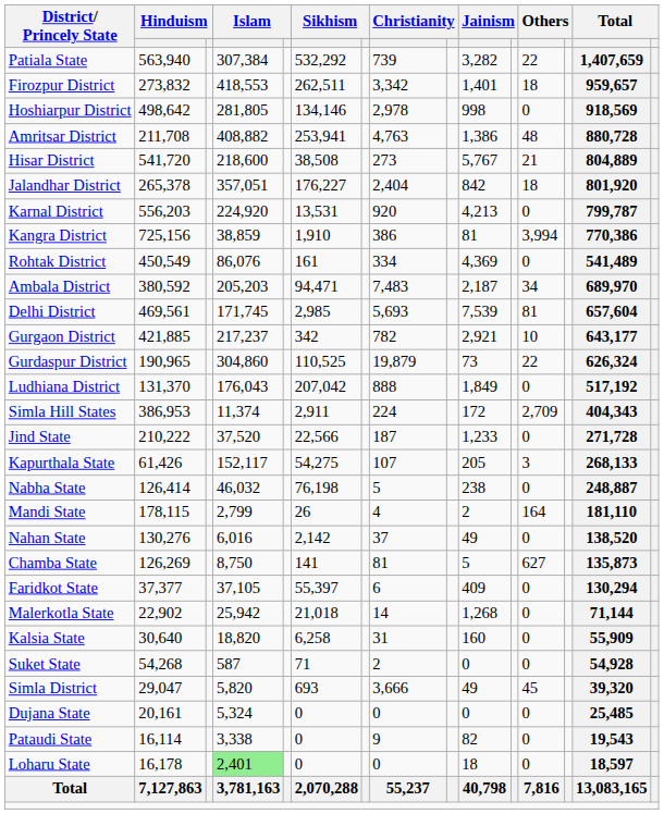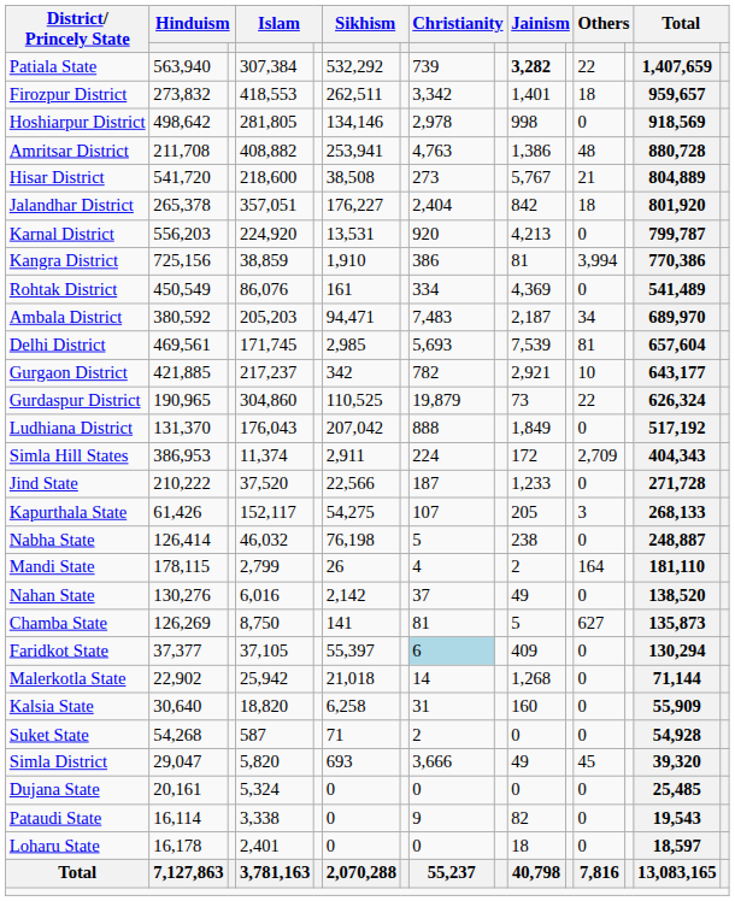 <table class="wikitable sortable mw-collapsible">
 <tr>
 <th rowspan="2"><a href='#'>District</a>/<br><a href='#'>Princely State</a></th>
 <th colspan="2"><a href='#'>Hinduism</a> </th>
 <th colspan="2"><a href='#'>Islam</a> </th>
 <th colspan="2"><a href='#'>Sikhism</a> </th>
 <th colspan="2"><a href='#'>Christianity</a> </th>
 <th colspan="2"><a href='#'>Jainism</a> </th>
 <th colspan="2">Others</th>
 <th colspan="2">Total</th>
 </tr>
 <tr>
 <th><a href='#'></a></th>
 <th></th>
 <th></th>
 <th></th>
 <th></th>
 <th></th>
 <th></th>
 <th></th>
 <th></th>
 <th></th>
 <th></th>
 <th></th>
 <th></th>
 <th></th>
 </tr>
 <tr>
 <td><a href='#'>Patiala State</a></td>
 <td>563,940</td>
 <td></td>
 <td>307,384</td>
 <td></td>
 <td>532,292</td>
 <td></td>
 <td>739</td>
 <td></td>
-<td>3,282</td>
+<td><strong>3,282</strong></td>
 <td></td>
 <td>22</td>
 <td></td>
 <th>1,407,659</th>
 <th></th>
 </tr>
 <tr>
 <td><a href='#'>Firozpur District</a></td>
 <td>273,832</td>
 <td></td>
 <td>418,553</td>
 <td></td>
 <td>262,511</td>
 <td></td>
 <td>3,342</td>
 <td></td>
 <td>1,401</td>
 <td></td>
 <td>18</td>
 <td></td>
 <th>959,657</th>
 <th></th>
 </tr>
 <tr>
 <td><a href='#'>Hoshiarpur District</a></td>
 <td>498,642</td>
 <td></td>
 <td>281,805</td>
 <td></td>
 <td>134,146</td>
 <td></td>
 <td>2,978</td>
 <td></td>
 <td>998</td>
 <td></td>
 <td>0</td>
 <td></td>
 <th>918,569</th>
 <th></th>
 </tr>
 <tr>
 <td><a href='#'>Amritsar District</a></td>
 <td>211,708</td>
 <td></td>
 <td>408,882</td>
 <td></td>
 <td>253,941</td>
 <td></td>
 <td>4,763</td>
 <td></td>
 <td>1,386</td>
 <td></td>
 <td>48</td>
 <td></td>
 <th>880,728</th>
 <th></th>
 </tr>
 <tr>
 <td><a href='#'>Hisar District</a></td>
 <td>541,720</td>
 <td></td>
 <td>218,600</td>
 <td></td>
 <td>38,508</td>
 <td></td>
 <td>273</td>
 <td></td>
 <td>5,767</td>
 <td></td>
 <td>21</td>
 <td></td>
 <th>804,889</th>
 <th></th>
 </tr>
 <tr>
 <td><a href='#'>Jalandhar District</a></td>
 <td>265,378</td>
 <td></td>
 <td>357,051</td>
 <td></td>
 <td>176,227</td>
 <td></td>
 <td>2,404</td>
 <td></td>
 <td>842</td>
 <td></td>
 <td>18</td>
 <td></td>
 <th>801,920</th>
 <th></th>
 </tr>
 <tr>
 <td><a href='#'>Karnal District</a></td>
 <td>556,203</td>
 <td></td>
 <td>224,920</td>
 <td></td>
 <td>13,531</td>
 <td></td>
 <td>920</td>
 <td></td>
 <td>4,213</td>
 <td></td>
 <td>0</td>
 <td></td>
 <th>799,787</th>
 <th></th>
 </tr>
 <tr>
 <td><a href='#'>Kangra District</a></td>
 <td>725,156</td>
 <td></td>
 <td>38,859</td>
 <td></td>
 <td>1,910</td>
 <td></td>
 <td>386</td>
 <td></td>
 <td>81</td>
 <td></td>
 <td>3,994</td>
 <td></td>
 <th>770,386</th>
 <th></th>
 </tr>
 <tr>
 <td><a href='#'>Rohtak District</a></td>
 <td>450,549</td>
 <td></td>
 <td>86,076</td>
 <td></td>
 <td>161</td>
 <td></td>
 <td>334</td>
 <td></td>
 <td>4,369</td>
 <td></td>
 <td>0</td>
 <td></td>
 <th>541,489</th>
 <th></th>
 </tr>
 <tr>
 <td><a href='#'>Ambala District</a></td>
 <td>380,592</td>
 <td></td>
 <td>205,203</td>
 <td></td>
 <td>94,471</td>
 <td></td>
 <td>7,483</td>
 <td></td>
 <td>2,187</td>
 <td></td>
 <td>34</td>
 <td></td>
 <th>689,970</th>
 <th></th>
 </tr>
 <tr>
 <td><a href='#'>Delhi District</a></td>
 <td>469,561</td>
 <td></td>
 <td>171,745</td>
 <td></td>
 <td>2,985</td>
 <td></td>
 <td>5,693</td>
 <td></td>
 <td>7,539</td>
 <td></td>
 <td>81</td>
 <td></td>
 <th>657,604</th>
 <th></th>
 </tr>
 <tr>
 <td><a href='#'>Gurgaon District</a></td>
 <td>421,885</td>
 <td></td>
 <td>217,237</td>
 <td></td>
 <td>342</td>
 <td></td>
 <td>782</td>
 <td></td>
 <td>2,921</td>
 <td></td>
 <td>10</td>
 <td></td>
 <th>643,177</th>
 <th></th>
 </tr>
 <tr>
 <td><a href='#'>Gurdaspur District</a></td>
 <td>190,965</td>
 <td></td>
 <td>304,860</td>
 <td></td>
 <td>110,525</td>
 <td></td>
 <td>19,879</td>
 <td></td>
 <td>73</td>
 <td></td>
 <td>22</td>
 <td></td>
 <th>626,324</th>
 <th></th>
 </tr>
 <tr>
 <td><a href='#'>Ludhiana District</a></td>
 <td>131,370</td>
 <td></td>
 <td>176,043</td>
 <td></td>
 <td>207,042</td>
 <td></td>
 <td>888</td>
 <td></td>
 <td>1,849</td>
 <td></td>
 <td>0</td>
 <td></td>
 <th>517,192</th>
 <th></th>
 </tr>
 <tr>
 <td><a href='#'>Simla Hill States</a></td>
 <td>386,953</td>
 <td></td>
 <td>11,374</td>
 <td></td>
 <td>2,911</td>
 <td></td>
 <td>224</td>
 <td></td>
 <td>172</td>
 <td></td>
 <td>2,709</td>
 <td></td>
 <th>404,343</th>
 <th></th>
 </tr>
 <tr>
 <td><a href='#'>Jind State</a></td>
 <td>210,222</td>
 <td></td>
 <td>37,520</td>
 <td></td>
 <td>22,566</td>
 <td></td>
 <td>187</td>
 <td></td>
 <td>1,233</td>
 <td></td>
 <td>0</td>
 <td></td>
 <th>271,728</th>
 <th></th>
 </tr>
 <tr>
 <td><a href='#'>Kapurthala State</a></td>
 <td>61,426</td>
 <td></td>
 <td>152,117</td>
 <td></td>
 <td>54,275</td>
 <td></td>
 <td>107</td>
 <td></td>
 <td>205</td>
 <td></td>
 <td>3</td>
 <td></td>
 <th>268,133</th>
 <th></th>
 </tr>
 <tr>
 <td><a href='#'>Nabha State</a></td>
 <td>126,414</td>
 <td></td>
 <td>46,032</td>
 <td></td>
 <td>76,198</td>
 <td></td>
 <td>5</td>
 <td></td>
 <td>238</td>
 <td></td>
 <td>0</td>
 <td></td>
 <th>248,887</th>
 <th></th>
 </tr>
 <tr>
 <td><a href='#'>Mandi State</a></td>
 <td>178,115</td>
 <td></td>
 <td>2,799</td>
 <td></td>
 <td>26</td>
 <td></td>
 <td>4</td>
 <td></td>
 <td>2</td>
 <td></td>
 <td>164</td>
 <td></td>
 <th>181,110</th>
 <th></th>
 </tr>
 <tr>
 <td><a href='#'>Nahan State</a></td>
 <td>130,276</td>
 <td></td>
 <td>6,016</td>
 <td></td>
 <td>2,142</td>
 <td></td>
 <td>37</td>
 <td></td>
 <td>49</td>
 <td></td>
 <td>0</td>
 <td></td>
 <th>138,520</th>
 <th></th>
 </tr>
 <tr>
 <td><a href='#'>Chamba State</a></td>
 <td>126,269</td>
 <td></td>
 <td>8,750</td>
 <td></td>
 <td>141</td>
 <td></td>
 <td>81</td>
 <td></td>
 <td>5</td>
 <td></td>
 <td>627</td>
 <td></td>
 <th>135,873</th>
 <th></th>
 </tr>
 <tr>
 <td><a href='#'>Faridkot State</a></td>
 <td>37,377</td>
 <td></td>
 <td>37,105</td>
 <td></td>
 <td>55,397</td>
 <td></td>
-<td>6</td>
+<td style="background: lightblue;">6</td>
 <td></td>
 <td>409</td>
 <td></td>
 <td>0</td>
 <td></td>
 <th>130,294</th>
 <th></th>
 </tr>
 <tr>
 <td><a href='#'>Malerkotla State</a></td>
 <td>22,902</td>
 <td></td>
 <td>25,942</td>
 <td></td>
 <td>21,018</td>
 <td></td>
 <td>14</td>
 <td></td>
 <td>1,268</td>
 <td></td>
 <td>0</td>
 <td></td>
 <th>71,144</th>
 <th></th>
 </tr>
 <tr>
 <td><a href='#'>Kalsia State</a></td>
 <td>30,640</td>
 <td></td>
 <td>18,820</td>
 <td></td>
 <td>6,258</td>
 <td></td>
 <td>31</td>
 <td></td>
 <td>160</td>
 <td></td>
 <td>0</td>
 <td></td>
 <th>55,909</th>
 <th></th>
 </tr>
 <tr>
 <td><a href='#'>Suket State</a></td>
 <td>54,268</td>
 <td></td>
 <td>587</td>
 <td></td>
 <td>71</td>
 <td></td>
 <td>2</td>
 <td></td>
 <td>0</td>
 <td></td>
 <td>0</td>
 <td></td>
 <th>54,928</th>
 <th></th>
 </tr>
 <tr>
 <td><a href='#'>Simla District</a></td>
 <td>29,047</td>
 <td></td>
 <td>5,820</td>
 <td></td>
 <td>693</td>
 <td></td>
 <td>3,666</td>
 <td></td>
 <td>49</td>
 <td></td>
 <td>45</td>
 <td></td>
 <th>39,320</th>
 <th></th>
 </tr>
 <tr>
 <td><a href='#'>Dujana State</a></td>
 <td>20,161</td>
 <td></td>
 <td>5,324</td>
 <td></td>
 <td>0</td>
 <td></td>
 <td>0</td>
 <td></td>
 <td>0</td>
 <td></td>
 <td>0</td>
 <td></td>
 <th>25,485</th>
 <th></th>
 </tr>
 <tr>
 <td><a href='#'>Pataudi State</a></td>
 <td>16,114</td>
 <td></td>
 <td>3,338</td>
 <td></td>
 <td>0</td>
 <td></td>
 <td>9</td>
 <td></td>
 <td>82</td>
 <td></td>
 <td>0</td>
 <td></td>
 <th>19,543</th>
 <th></th>
 </tr>
 <tr>
 <td><a href='#'>Loharu State</a></td>
 <td>16,178</td>
 <td></td>
-<td style="background: lightgreen;">2,401</td>
+<td>2,401</td>
 <td></td>
 <td>0</td>
 <td></td>
 <td>0</td>
 <td></td>
 <td>18</td>
 <td></td>
 <td>0</td>
 <td></td>
 <th>18,597</th>
 <th></th>
 </tr>
 <tr>
 <th>Total</th>
 <th>7,127,863</th>
 <th></th>
 <th>3,781,163</th>
 <th></th>
 <th>2,070,288</th>
 <th></th>
 <th>55,237</th>
 <th></th>
 <th>40,798</th>
 <th></th>
 <th>7,816</th>
 <th></th>
 <th>13,083,165</th>
 <th></th>
 </tr>
 <tr class="sortbottom">
 <td colspan="15"></td>
 </tr>
 </table>
